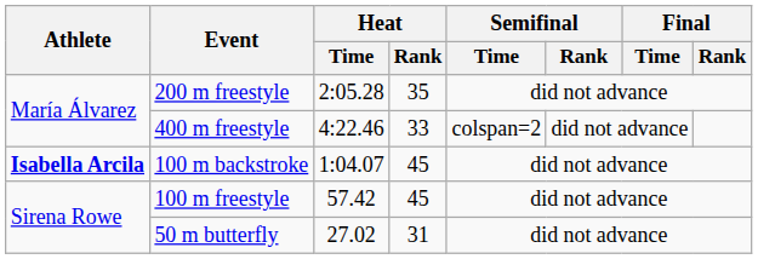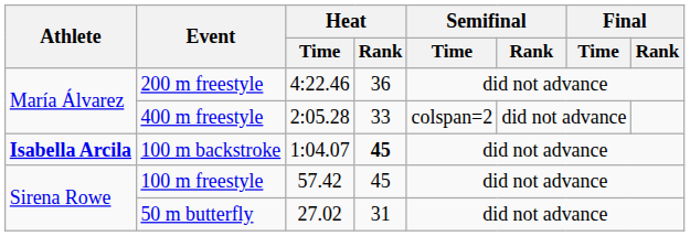 <table class=wikitable style="font-size:90%">
 <tr>
 <th rowspan="2">Athlete</th>
 <th rowspan="2">Event</th>
 <th colspan="2">Heat</th>
 <th colspan="2">Semifinal</th>
 <th colspan="2">Final</th>
 </tr>
 <tr style="font-size:95%">
 <th>Time</th>
 <th>Rank</th>
 <th>Time</th>
 <th>Rank</th>
 <th>Time</th>
 <th>Rank</th>
 </tr>
 <tr align=center>
 <td align=left rowspan=2><a href='#'>María Álvarez</a></td>
 <td align=left><a href='#'>200 m freestyle</a></td>
-<td>2:05.28</td>
-<td>35</td>
+<td>4:22.46</td>
+<td>36</td>
 <td colspan=4>did not advance</td>
 </tr>
 <tr align=center>
 <td align=left><a href='#'>400 m freestyle</a></td>
-<td>4:22.46</td>
+<td>2:05.28</td>
 <td>33</td>
 <td>colspan=2</td>
 <td colspan=2>did not advance</td>
 </tr>
 <tr align=center>
 <td align=left><strong><a href='#'>Isabella Arcila</a></strong></td>
 <td align=left><a href='#'>100 m backstroke</a></td>
 <td>1:04.07</td>
-<td>45</td>
+<td><strong>45</strong></td>
 <td colspan=4>did not advance</td>
 </tr>
 <tr align=center>
 <td align=left rowspan=2><a href='#'>Sirena Rowe</a></td>
 <td align=left><a href='#'>100 m freestyle</a></td>
 <td>57.42</td>
 <td>45</td>
 <td colspan=4>did not advance</td>
 </tr>
 <tr align=center>
 <td align=left><a href='#'>50 m butterfly</a></td>
 <td>27.02</td>
 <td>31</td>
 <td colspan=4>did not advance</td>
 </tr>
 </table>
